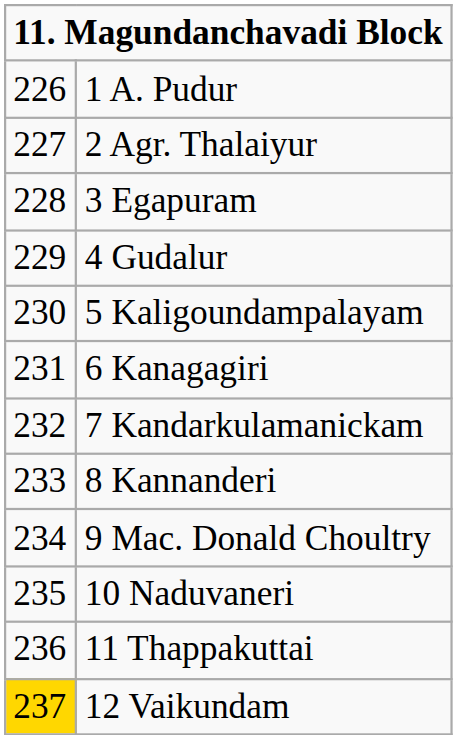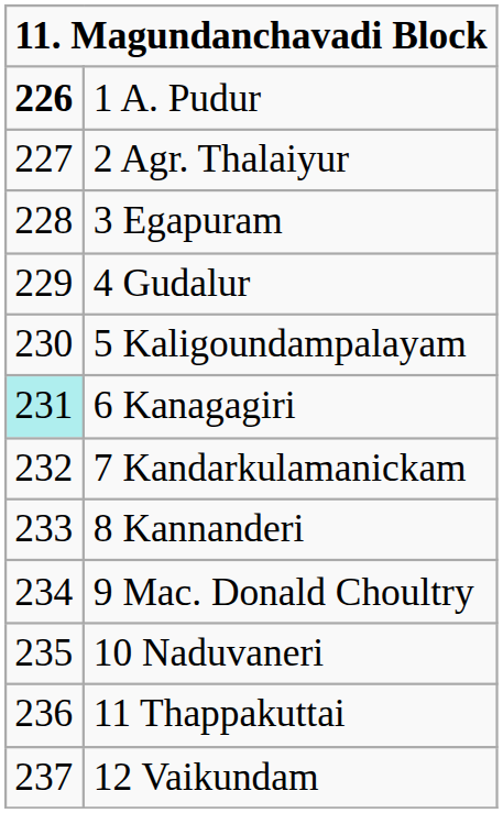 <table class="wikitable">
 <tr>
 <td colspan="2"><strong>11. Magundanchavadi Block</strong></td>
 </tr>
 <tr>
-<td>226</td>
+<td><strong>226</strong></td>
 <td>1 A. Pudur</td>
 </tr>
 <tr>
 <td>227</td>
 <td>2 Agr. Thalaiyur</td>
 </tr>
 <tr>
 <td>228</td>
 <td>3 Egapuram</td>
 </tr>
 <tr>
 <td>229</td>
 <td>4 Gudalur</td>
 </tr>
 <tr>
 <td>230</td>
 <td>5 Kaligoundampalayam</td>
 </tr>
 <tr>
-<td>231</td>
+<td style="background: paleturquoise;">231</td>
 <td>6 Kanagagiri</td>
 </tr>
 <tr>
 <td>232</td>
 <td>7 Kandarkulamanickam</td>
 </tr>
 <tr>
 <td>233</td>
 <td>8 Kannanderi</td>
 </tr>
 <tr>
 <td>234</td>
 <td>9 Mac. Donald Choultry</td>
 </tr>
 <tr>
 <td>235</td>
 <td>10 Naduvaneri</td>
 </tr>
 <tr>
 <td>236</td>
 <td>11 Thappakuttai</td>
 </tr>
 <tr>
-<td style="background: gold;">237</td>
+<td>237</td>
 <td>12 Vaikundam</td>
 </tr>
 </table>
